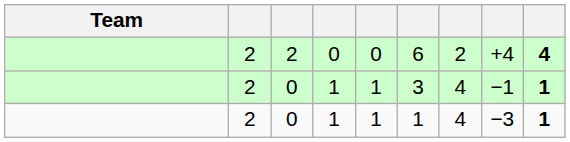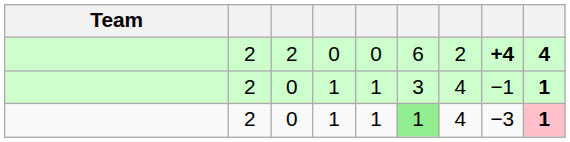 <table class="wikitable" style="text-align:center">
 <tr>
 <th width="165">Team</th>
 <th width=25></th>
 <th width=25></th>
 <th width=25></th>
 <th width=25></th>
 <th width=25></th>
 <th width=25></th>
 <th width=25></th>
 <th width=25></th>
 </tr>
 <tr bgcolor=#ccffcc>
 <td align="left"></td>
 <td>2</td>
 <td>2</td>
 <td>0</td>
 <td>0</td>
 <td>6</td>
 <td>2</td>
-<td>+4</td>
+<td><strong>+4</strong></td>
 <td><strong>4</strong></td>
 </tr>
 <tr bgcolor=#ccffcc>
 <td align="left"></td>
 <td>2</td>
 <td>0</td>
 <td>1</td>
 <td>1</td>
 <td>3</td>
 <td>4</td>
 <td>−1</td>
 <td><strong>1</strong></td>
 </tr>
 <tr>
 <td align="left"></td>
 <td>2</td>
 <td>0</td>
 <td>1</td>
 <td>1</td>
-<td>1</td>
+<td style="background: lightgreen;">1</td>
 <td>4</td>
 <td>−3</td>
-<td><strong>1</strong></td>
+<td style="background: pink;"><strong>1</strong></td>
 </tr>
 </table>
